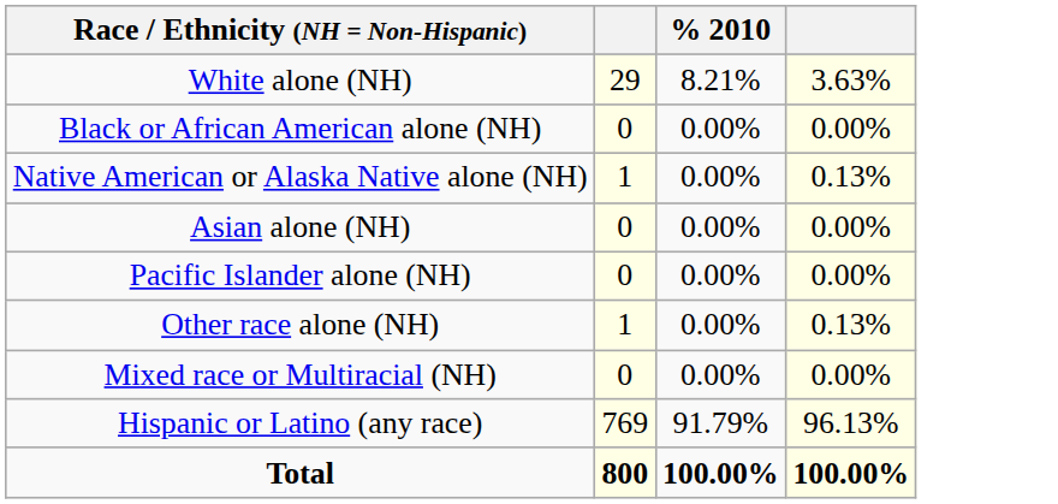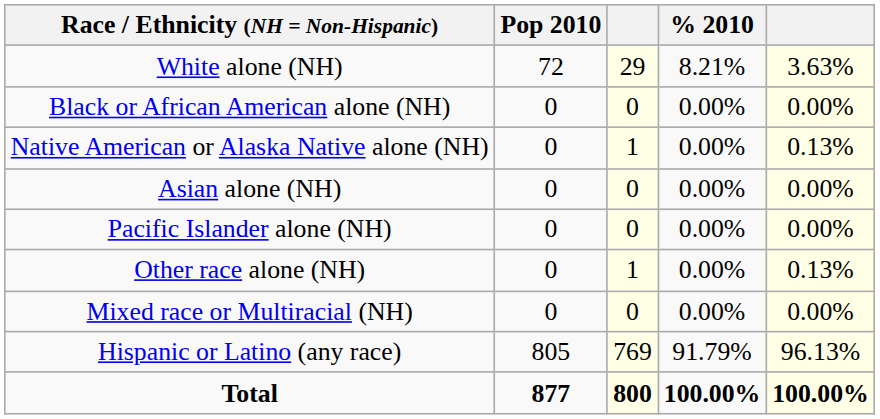 <table class="wikitable" style="text-align:center;">
 <tr>
 <th>Race / Ethnicity <small>(<em>NH = Non-Hispanic</em>)</small></th>
+<th>Pop 2010</th>
 <th></th>
 <th>% 2010</th>
 <th></th>
 </tr>
 <tr>
 <td><a href='#'>White</a> alone (NH)</td>
+<td>72</td>
 <td style='background: #ffffe6;'>29</td>
 <td>8.21%</td>
 <td style='background: #ffffe6;'>3.63%</td>
 </tr>
 <tr>
 <td><a href='#'>Black or African American</a> alone (NH)</td>
+<td>0</td>
 <td style='background: #ffffe6;'>0</td>
 <td>0.00%</td>
 <td style='background: #ffffe6;'>0.00%</td>
 </tr>
 <tr>
 <td><a href='#'>Native American</a> or <a href='#'>Alaska Native</a> alone (NH)</td>
+<td>0</td>
 <td style='background: #ffffe6;'>1</td>
 <td>0.00%</td>
 <td style='background: #ffffe6;'>0.13%</td>
 </tr>
 <tr>
 <td><a href='#'>Asian</a> alone (NH)</td>
+<td>0</td>
 <td style='background: #ffffe6;'>0</td>
 <td>0.00%</td>
 <td style='background: #ffffe6;'>0.00%</td>
 </tr>
 <tr>
 <td><a href='#'>Pacific Islander</a> alone (NH)</td>
+<td>0</td>
 <td style='background: #ffffe6;'>0</td>
 <td>0.00%</td>
 <td style='background: #ffffe6;'>0.00%</td>
 </tr>
 <tr>
 <td><a href='#'>Other race</a> alone (NH)</td>
+<td>0</td>
 <td style='background: #ffffe6;'>1</td>
 <td>0.00%</td>
 <td style='background: #ffffe6;'>0.13%</td>
 </tr>
 <tr>
 <td><a href='#'>Mixed race or Multiracial</a> (NH)</td>
+<td>0</td>
 <td style='background: #ffffe6;'>0</td>
 <td>0.00%</td>
 <td style='background: #ffffe6;'>0.00%</td>
 </tr>
 <tr>
 <td><a href='#'>Hispanic or Latino</a> (any race)</td>
+<td>805</td>
 <td style='background: #ffffe6;'>769</td>
 <td>91.79%</td>
 <td style='background: #ffffe6;'>96.13%</td>
 </tr>
 <tr>
 <td><strong>Total</strong></td>
+<td><strong>877</strong></td>
 <td style='background: #ffffe6;'><strong>800</strong></td>
 <td><strong>100.00%</strong></td>
 <td style='background: #ffffe6;'><strong>100.00%</strong></td>
 </tr>
 </table>
